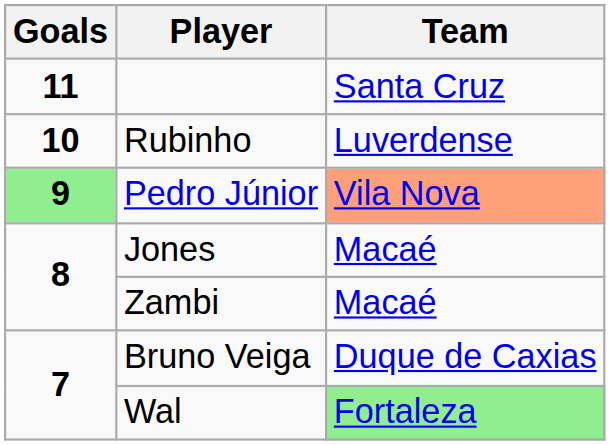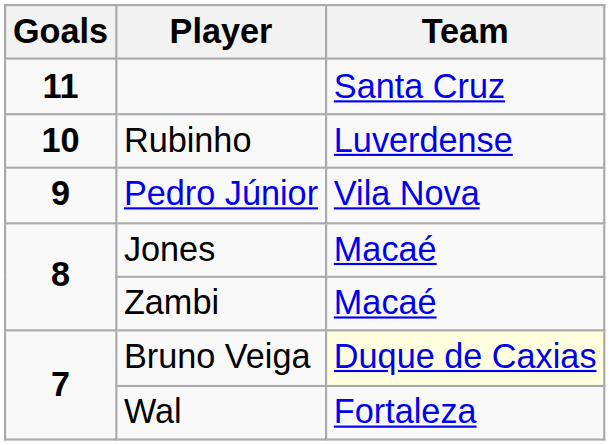 <table class="wikitable">
 <tr>
 <th>Goals</th>
 <th>Player</th>
 <th>Team</th>
 </tr>
 <tr>
 <td rowspan="1" align=center valign="center"><strong>11</strong></td>
 <td></td>
 <td><a href='#'>Santa Cruz</a></td>
 </tr>
 <tr>
 <td rowspan="1" align=center valign="center"><strong>10</strong></td>
 <td> Rubinho</td>
 <td><a href='#'>Luverdense</a></td>
 </tr>
 <tr>
-<td rowspan="1" align=center valign="center" style="background: lightgreen;"><strong>9</strong></td>
+<td rowspan="1" align=center valign="center"><strong>9</strong></td>
 <td> <a href='#'>Pedro Júnior</a></td>
-<td style="background: lightsalmon;"><a href='#'>Vila Nova</a></td>
+<td><a href='#'>Vila Nova</a></td>
 </tr>
 <tr>
 <td rowspan="2" align=center valign="center"><strong>8</strong></td>
 <td> Jones</td>
 <td><a href='#'>Macaé</a></td>
 </tr>
 <tr>
 <td> Zambi</td>
 <td><a href='#'>Macaé</a></td>
 </tr>
 <tr>
 <td rowspan="2" align=center valign="center"><strong>7</strong></td>
 <td> Bruno Veiga</td>
-<td><a href='#'>Duque de Caxias</a></td>
+<td style="background: lightyellow;"><a href='#'>Duque de Caxias</a></td>
 </tr>
 <tr>
 <td> Wal</td>
-<td style="background: lightgreen;"><a href='#'>Fortaleza</a></td>
+<td><a href='#'>Fortaleza</a></td>
 </tr>
 </table>
